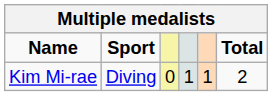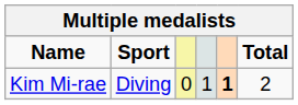 <table class="wikitable" style=font-size:85%;float:center;text-align:center>
 <tr style="background:#efefef;">
 <th colspan=7>Multiple medalists</th>
 </tr>
 <tr align=center>
 <td><strong>Name</strong></td>
 <td><strong>Sport</strong></td>
 <td style="background:#f7f6a8;"></td>
 <td style="background:#dce5e5;"></td>
 <td style="background:#ffdab9;"></td>
 <td><strong>Total</strong></td>
 </tr>
 <tr align=center>
 <td><a href='#'>Kim Mi-rae</a></td>
 <td><a href='#'>Diving</a></td>
 <td style="background:#f7f6a8;">0</td>
 <td style="background:#dce5e5;">1</td>
-<td style="background:#ffdab9;">1</td>
+<td style="background:#ffdab9;"><strong>1</strong></td>
 <td>2</td>
 </tr>
 </table>
